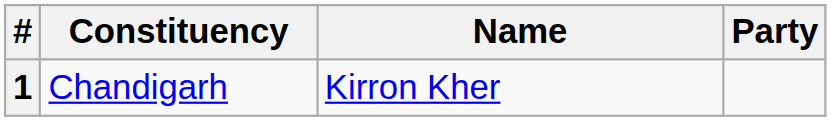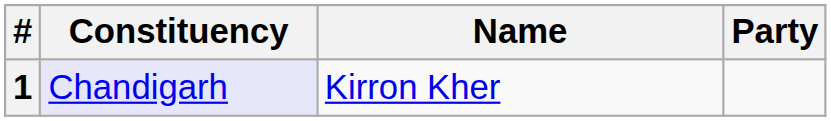 <table class="wikitable sortable">
 <tr>
 <th>#</th>
 <th style="width:120px">Constituency</th>
 <th style="width:180px">Name</th>
 <th colspan=2>Party</th>
 </tr>
 <tr>
 <th>1</th>
-<td><a href='#'>Chandigarh</a></td>
+<td style="background: lavender;"><a href='#'>Chandigarh</a></td>
 <td><a href='#'>Kirron Kher</a></td>
 <td></td>
 </tr>
 </table>
